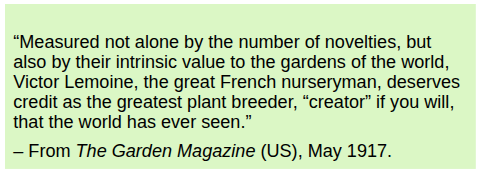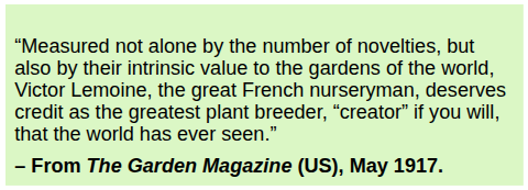 <table class="toccolours" style="float: right; margin-left: 1em; margin-right: 2em; font-size: 85%; background:#dbf7c5; color:black; width:30em; max-width: 40%;" cellspacing="5">
 <tr>
 <td style="text-align: left;"><br>“Measured not alone by the number of novelties, but also by their intrinsic value to the gardens of the world, Victor Lemoine, the great French nurseryman, deserves credit as the greatest plant breeder, “creator” if you will, that the world has ever seen.”</td>
 </tr>
 <tr>
-<td style="text-align: left;">– From <em>The Garden Magazine</em> (US),  May 1917.</td>
+<td style="text-align: left;"><strong>– From <em>The Garden Magazine</em> (US),  May 1917.</strong></td>
 </tr>
 </table>
